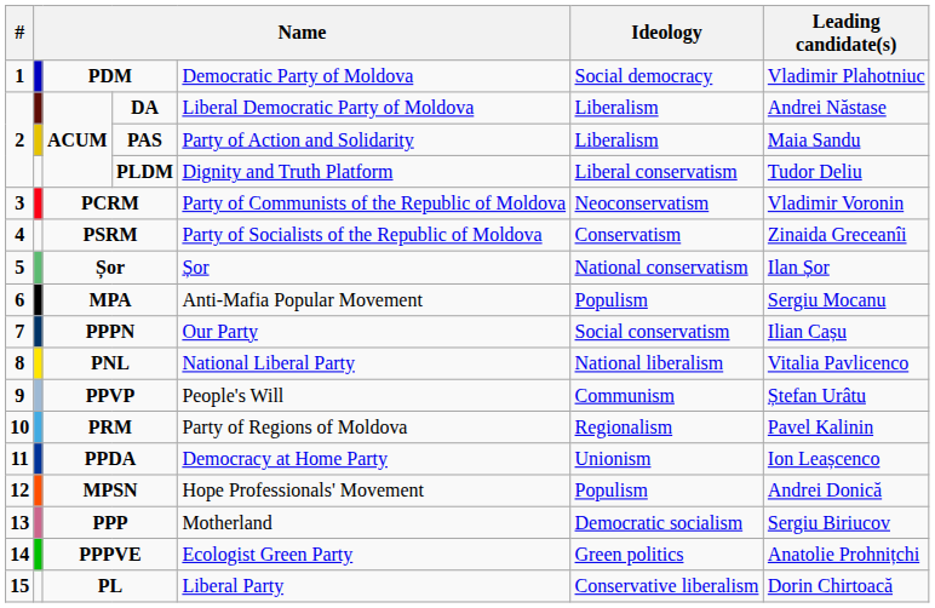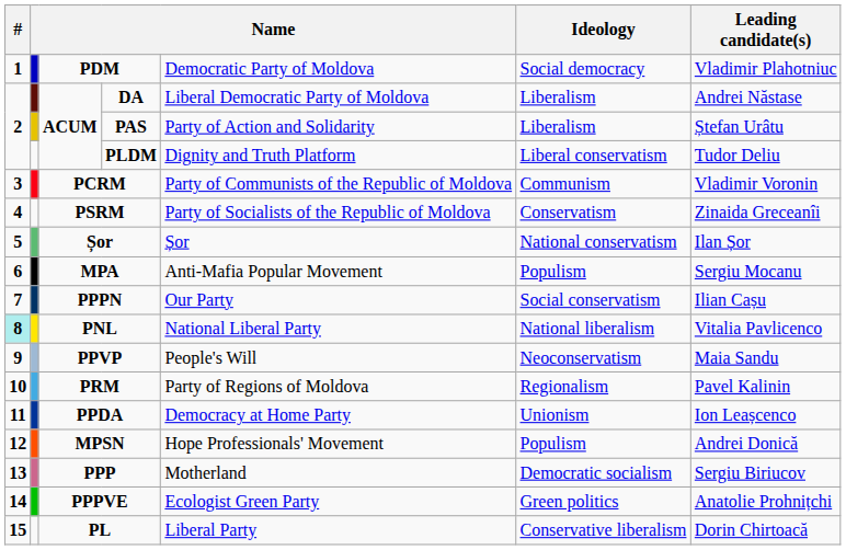 <table class="wikitable" style="font-size:95%;">
 <tr>
 <th>#</th>
 <th colspan="4">Name</th>
 <th>Ideology</th>
 <th>Leading<br>candidate(s)</th>
 </tr>
 <tr>
 <td style="text-align:center;"><strong>1</strong></td>
 <td style="background:#0000C0;"></td>
 <td colspan="2" style="text-align:center;"><strong>PDM</strong></td>
 <td><a href='#'>Democratic Party of Moldova</a></td>
 <td><a href='#'>Social democracy</a></td>
 <td><a href='#'>Vladimir Plahotniuc</a></td>
 </tr>
 <tr>
 <td rowspan="3" style="text-align:center;"><strong>2</strong></td>
 <td style="background:#5E0C06;"></td>
 <td rowspan="3" style="text-align:center;"><strong>ACUM</strong></td>
 <td style="text-align:center;"><strong>DA</strong></td>
 <td><a href='#'>Liberal Democratic Party of Moldova</a></td>
 <td><a href='#'>Liberalism</a></td>
 <td><a href='#'>Andrei Năstase</a></td>
 </tr>
 <tr>
 <td style="background:#e6c300;"></td>
 <td style="text-align:center;"><strong>PAS</strong></td>
 <td><a href='#'>Party of Action and Solidarity</a></td>
 <td><a href='#'>Liberalism</a></td>
-<td><a href='#'>Maia Sandu</a></td>
+<td><a href='#'>Ștefan Urâtu</a></td>
 </tr>
 <tr>
 <td style="background:"></td>
 <td style="text-align:center;"><strong> PLDM</strong></td>
 <td><a href='#'>Dignity and Truth Platform</a></td>
 <td><a href='#'>Liberal conservatism</a></td>
 <td><a href='#'>Tudor Deliu</a></td>
 </tr>
 <tr>
 <td style="text-align:center;"><strong>3</strong></td>
 <td style="background:#FC0015;"></td>
 <td colspan="2" style="text-align:center;"><strong>PCRM</strong></td>
 <td><a href='#'>Party of Communists of the Republic of Moldova</a></td>
-<td><a href='#'>Neoconservatism</a></td>
+<td><a href='#'>Communism</a></td>
 <td><a href='#'>Vladimir Voronin</a></td>
 </tr>
 <tr>
 <td style="text-align:center;"><strong>4</strong></td>
 <td style="background:"></td>
 <td colspan="2" style="text-align:center;"><strong>PSRM</strong></td>
 <td><a href='#'>Party of Socialists of the Republic of Moldova</a></td>
 <td><a href='#'>Conservatism</a></td>
 <td><a href='#'>Zinaida Greceanîi</a></td>
 </tr>
 <tr>
 <td style="text-align:center;"><strong>5</strong></td>
 <td style="background:#5CBB72;"></td>
 <td colspan="2" style="text-align:center;"><strong>Șor</strong></td>
 <td><a href='#'>Șor</a></td>
 <td><a href='#'>National conservatism</a></td>
 <td><a href='#'>Ilan Șor</a></td>
 </tr>
 <tr>
 <td style="text-align:center;"><strong>6</strong></td>
 <td style="background:#000000;"></td>
 <td colspan="2" style="text-align:center;"><strong>MPA</strong></td>
 <td>Anti-Mafia Popular Movement</td>
 <td><a href='#'>Populism</a></td>
 <td><a href='#'>Sergiu Mocanu</a></td>
 </tr>
 <tr>
 <td style="text-align:center;"><strong>7</strong></td>
 <td style="background:#003366;"></td>
 <td colspan="2" style="text-align:center;"><strong>PPPN</strong></td>
 <td><a href='#'>Our Party</a></td>
 <td><a href='#'>Social conservatism</a></td>
 <td><a href='#'>Ilian Cașu</a></td>
 </tr>
 <tr>
-<td style="text-align:center;"><strong>8</strong></td>
+<td style="background: paleturquoise; text-align:center;"><strong>8</strong></td>
 <td style="background:#FFE600;"></td>
 <td colspan="2" style="text-align:center;"><strong>PNL</strong></td>
 <td><a href='#'>National Liberal Party</a></td>
 <td><a href='#'>National liberalism</a></td>
 <td><a href='#'>Vitalia Pavlicenco</a></td>
 </tr>
 <tr>
 <td style="text-align:center;"><strong>9</strong></td>
 <td style="background:#9EB9D4;"></td>
 <td colspan="2" style="text-align:center;"><strong>PPVP</strong></td>
 <td>People's Will</td>
-<td><a href='#'>Communism</a></td>
-<td><a href='#'>Ștefan Urâtu</a></td>
+<td><a href='#'>Neoconservatism</a></td>
+<td><a href='#'>Maia Sandu</a></td>
 </tr>
 <tr>
 <td style="text-align:center;"><strong>10</strong></td>
 <td style="background:#42ABE2;"></td>
 <td colspan="2" style="text-align:center;"><strong>PRM</strong></td>
 <td>Party of Regions of Moldova</td>
 <td><a href='#'>Regionalism</a></td>
 <td><a href='#'>Pavel Kalinin</a></td>
 </tr>
 <tr>
 <td style="text-align:center;"><strong>11</strong></td>
 <td style="background:#003399;"></td>
 <td colspan="2" style="text-align:center;"><strong>PPDA</strong></td>
 <td><a href='#'>Democracy at Home Party</a></td>
 <td><a href='#'>Unionism</a></td>
 <td><a href='#'>Ion Leașcenco</a></td>
 </tr>
 <tr>
 <td style="text-align:center;"><strong>12</strong></td>
 <td style="background:#FF4F00;"></td>
 <td colspan="2" style="text-align:center;"><strong>MPSN</strong></td>
 <td>Hope Professionals' Movement</td>
 <td><a href='#'>Populism</a></td>
 <td><a href='#'>Andrei Donică</a></td>
 </tr>
 <tr>
 <td style="text-align:center;"><strong>13</strong></td>
 <td style="background:#CC668D;"></td>
 <td colspan="2" style="text-align:center;"><strong>PPP</strong></td>
 <td>Motherland</td>
 <td><a href='#'>Democratic socialism</a></td>
 <td><a href='#'>Sergiu Biriucov</a></td>
 </tr>
 <tr>
 <td style="text-align:center;"><strong>14</strong></td>
 <td style="background:#00C000;"></td>
 <td colspan="2" style="text-align:center;"><strong>PPPVE</strong></td>
 <td><a href='#'>Ecologist Green Party</a></td>
 <td><a href='#'>Green politics</a></td>
 <td><a href='#'>Anatolie Prohnițchi</a></td>
 </tr>
 <tr>
 <td style="text-align:center;"><strong>15</strong></td>
 <td style="background:"></td>
 <td colspan="2" style="text-align:center;"><strong>PL</strong></td>
 <td><a href='#'>Liberal Party</a></td>
 <td><a href='#'>Conservative liberalism</a></td>
 <td><a href='#'>Dorin Chirtoacă</a></td>
 </tr>
 </table>
